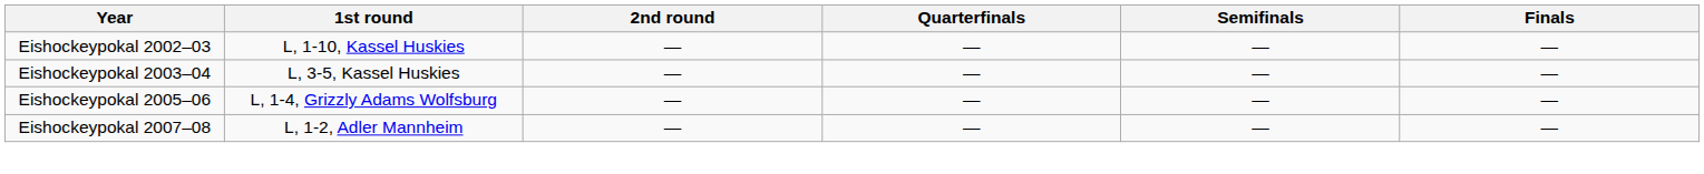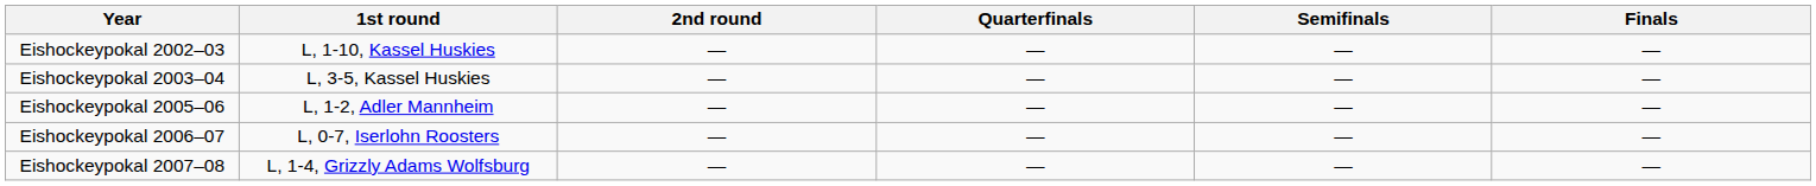 <table class="wikitable" style="text-align: center;" style="margin: 1em 1em 1em 0; background: #f9f9f9; border: 1px #aaa solid; border-collapse: collapse; width=85%">
 <tr>
 <th width=11%>Year</th>
 <th width=15%>1st round</th>
 <th width=15%>2nd round</th>
 <th width=15%>Quarterfinals</th>
 <th width=14%>Semifinals</th>
 <th width=15%>Finals</th>
 </tr>
 <tr>
 <td>Eishockeypokal 2002–03</td>
 <td>L, 1-10, <a href='#'>Kassel Huskies</a></td>
 <td>—</td>
 <td>—</td>
 <td>—</td>
 <td>—</td>
 </tr>
 <tr>
 <td>Eishockeypokal 2003–04</td>
 <td>L, 3-5, Kassel Huskies</td>
 <td>—</td>
 <td>—</td>
 <td>—</td>
 <td>—</td>
 </tr>
 <tr>
 <td>Eishockeypokal 2005–06</td>
-<td>L, 1-4, <a href='#'>Grizzly Adams Wolfsburg</a></td>
+<td>L, 1-2, <a href='#'>Adler Mannheim</a></td>
+<td>—</td>
+<td>—</td>
+<td>—</td>
+<td>—</td>
+</tr>
+<tr>
+<td>Eishockeypokal 2006–07</td>
+<td>L, 0-7, <a href='#'>Iserlohn Roosters</a></td>
 <td>—</td>
 <td>—</td>
 <td>—</td>
 <td>—</td>
 </tr>
 <tr>
 <td>Eishockeypokal 2007–08</td>
-<td>L, 1-2, <a href='#'>Adler Mannheim</a></td>
+<td>L, 1-4, <a href='#'>Grizzly Adams Wolfsburg</a></td>
 <td>—</td>
 <td>—</td>
 <td>—</td>
 <td>—</td>
 </tr>
 </table>
